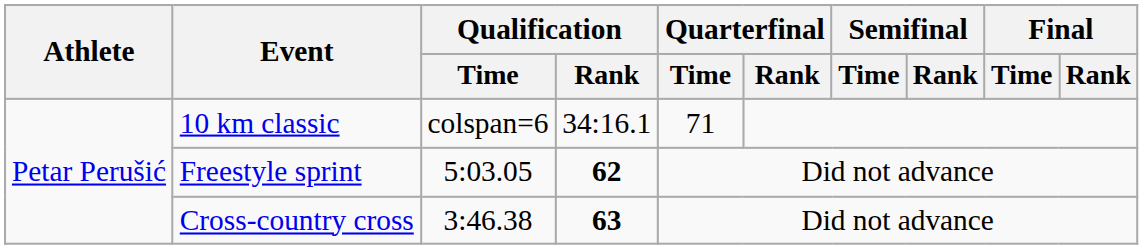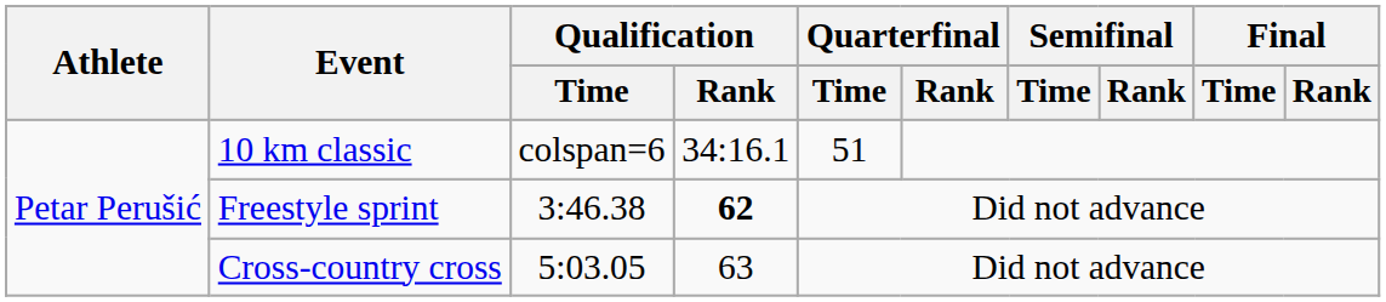 <table class="wikitable" style="font-size:90%">
 <tr>
 <th rowspan="2">Athlete</th>
 <th rowspan="2">Event</th>
 <th colspan="2">Qualification</th>
 <th colspan="2">Quarterfinal</th>
 <th colspan="2">Semifinal</th>
 <th colspan="2">Final</th>
 </tr>
 <tr style="font-size:95%">
 <th>Time</th>
 <th>Rank</th>
 <th>Time</th>
 <th>Rank</th>
 <th>Time</th>
 <th>Rank</th>
 <th>Time</th>
 <th>Rank</th>
 </tr>
 <tr align=center>
 <td align=left rowspan=3><a href='#'>Petar Perušić</a></td>
 <td align=left><a href='#'>10 km classic</a></td>
 <td>colspan=6 </td>
 <td>34:16.1</td>
-<td>71</td>
+<td>51</td>
 </tr>
 <tr align=center>
 <td align=left><a href='#'>Freestyle sprint</a></td>
-<td>5:03.05</td>
+<td>3:46.38</td>
 <td><strong>62</strong></td>
 <td colspan=6>Did not advance</td>
 </tr>
 <tr align=center>
 <td align=left><a href='#'>Cross-country cross</a></td>
-<td>3:46.38</td>
-<td><strong>63</strong></td>
+<td>5:03.05</td>
+<td>63</td>
 <td colspan=6>Did not advance</td>
 </tr>
 </table>
